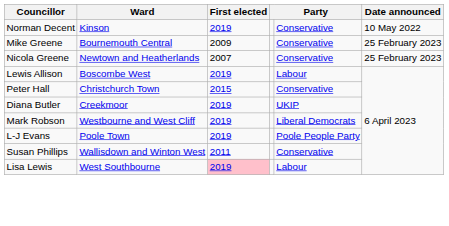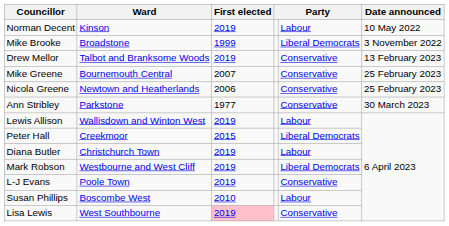 <table class="wikitable sortable">
 <tr>
 <th scope="col">Councillor</th>
 <th scope="col">Ward</th>
 <th scope="col">First elected</th>
 <th colspan="2" scope="col">Party</th>
 <th scope="col">Date announced</th>
 </tr>
 <tr>
 <td>Norman Decent</td>
 <td><a href='#'>Kinson</a></td>
 <td><a href='#'>2019</a></td>
 <td></td>
+<td><a href='#'>Labour</a></td>
+<td>10 May 2022</td>
+</tr>
+<tr>
+<td>Mike Brooke</td>
+<td><a href='#'>Broadstone</a></td>
+<td><a href='#'>1999</a></td>
+<td rowspan="1;" style="background-color: "></td>
+<td><a href='#'>Liberal Democrats</a></td>
+<td>3 November 2022</td>
+</tr>
+<tr>
+<td>Drew Mellor</td>
+<td><a href='#'>Talbot and Branksome Woods</a></td>
+<td><a href='#'>2019</a></td>
+<td></td>
 <td><a href='#'>Conservative</a></td>
-<td>10 May 2022</td>
+<td>13 February 2023</td>
 </tr>
 <tr>
 <td>Mike Greene</td>
 <td><a href='#'>Bournemouth Central</a></td>
-<td>2009</td>
+<td>2007</td>
 <td></td>
 <td><a href='#'>Conservative</a></td>
 <td>25 February 2023</td>
 </tr>
 <tr>
 <td>Nicola Greene</td>
 <td><a href='#'>Newtown and Heatherlands</a></td>
-<td>2007</td>
+<td>2006</td>
 <td></td>
 <td><a href='#'>Conservative</a></td>
 <td>25 February 2023</td>
 </tr>
 <tr>
+<td>Ann Stribley</td>
+<td><a href='#'>Parkstone</a></td>
+<td>1977</td>
+<td></td>
+<td><a href='#'>Conservative</a></td>
+<td>30 March 2023</td>
+</tr>
+<tr>
 <td>Lewis Allison</td>
-<td><a href='#'>Boscombe West</a></td>
+<td><a href='#'>Wallisdown and Winton West</a></td>
 <td><a href='#'>2019</a></td>
 <td style="background:"></td>
 <td><a href='#'>Labour</a></td>
 <td rowspan="7">6 April 2023</td>
 </tr>
 <tr>
 <td>Peter Hall</td>
-<td><a href='#'>Christchurch Town</a></td>
+<td><a href='#'>Creekmoor</a></td>
 <td><a href='#'>2015</a></td>
 <td></td>
-<td><a href='#'>Conservative</a></td>
+<td><a href='#'>Liberal Democrats</a></td>
 </tr>
 <tr>
 <td>Diana Butler</td>
-<td><a href='#'>Creekmoor</a></td>
+<td><a href='#'>Christchurch Town</a></td>
 <td><a href='#'>2019</a></td>
 <td style="background-color: "></td>
-<td><a href='#'>UKIP</a></td>
+<td><a href='#'>Labour</a></td>
 </tr>
 <tr>
 <td>Mark Robson</td>
 <td><a href='#'>Westbourne and West Cliff</a></td>
 <td><a href='#'>2019</a></td>
 <td rowspan="1;" style="background-color: "></td>
 <td><a href='#'>Liberal Democrats</a></td>
 </tr>
 <tr>
 <td>L-J Evans</td>
 <td><a href='#'>Poole Town</a></td>
 <td><a href='#'>2019</a></td>
 <td rowspan="1" style="background-color: "></td>
-<td><a href='#'>Poole People Party</a></td>
+<td><a href='#'>Conservative</a></td>
 </tr>
 <tr>
 <td>Susan Phillips</td>
-<td><a href='#'>Wallisdown and Winton West</a></td>
-<td><a href='#'>2011</a></td>
+<td><a href='#'>Boscombe West</a></td>
+<td><a href='#'>2010</a></td>
 <td></td>
-<td><a href='#'>Conservative</a></td>
+<td><a href='#'>Labour</a></td>
 </tr>
 <tr>
 <td>Lisa Lewis</td>
 <td><a href='#'>West Southbourne</a></td>
 <td style="background: pink;"><a href='#'>2019</a></td>
 <td style="background:"></td>
-<td><a href='#'>Labour</a></td>
+<td><a href='#'>Conservative</a></td>
 </tr>
 </table>
